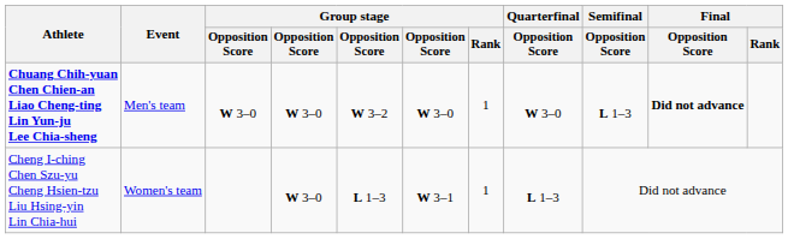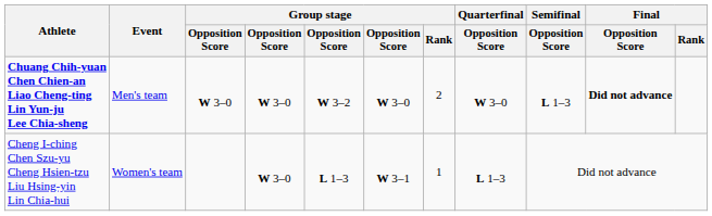 <table class=wikitable style=font-size:90%;text-align:center>
 <tr>
 <th rowspan="2">Athlete</th>
 <th rowspan="2">Event</th>
 <th colspan="5">Group stage</th>
 <th>Quarterfinal</th>
 <th>Semifinal</th>
 <th colspan="2">Final</th>
 </tr>
 <tr style="font-size:95%">
 <th>Opposition<br>Score</th>
 <th>Opposition<br>Score</th>
 <th>Opposition<br>Score</th>
 <th>Opposition<br>Score</th>
 <th>Rank</th>
 <th>Opposition<br>Score</th>
 <th>Opposition<br>Score</th>
 <th>Opposition<br>Score</th>
 <th>Rank</th>
 </tr>
 <tr>
 <td align="left"><strong><a href='#'>Chuang Chih-yuan</a> <br> <a href='#'>Chen Chien-an</a> <br> <a href='#'>Liao Cheng-ting</a> <br> <a href='#'>Lin Yun-ju</a> <br> <a href='#'>Lee Chia-sheng</a></strong></td>
 <td align="left"><a href='#'>Men's team</a></td>
 <td><br><strong>W</strong> 3–0</td>
 <td><br><strong>W</strong> 3–0</td>
 <td><br><strong>W</strong> 3–2</td>
 <td><br><strong>W</strong> 3–0</td>
-<td>1 <strong></strong></td>
+<td>2 <strong></strong></td>
 <td><br><strong>W</strong> 3–0</td>
 <td><br><strong>L</strong> 1–3</td>
 <td><strong>Did not advance</strong></td>
 <td></td>
 </tr>
 <tr>
 <td align="left"><a href='#'>Cheng I-ching</a> <br> <a href='#'>Chen Szu-yu</a> <br> <a href='#'>Cheng Hsien-tzu</a> <br> <a href='#'>Liu Hsing-yin</a> <br> <a href='#'>Lin Chia-hui</a></td>
 <td align="left"><a href='#'>Women's team</a></td>
 <td></td>
 <td><br><strong>W</strong> 3–0</td>
 <td><br><strong>L</strong> 1–3</td>
 <td><br><strong>W</strong> 3–1</td>
 <td>1 <strong></strong></td>
 <td><br><strong>L</strong> 1–3</td>
 <td colspan="3">Did not advance</td>
 </tr>
 </table>
